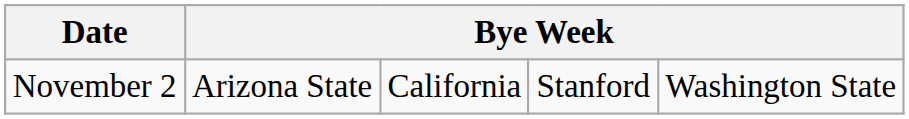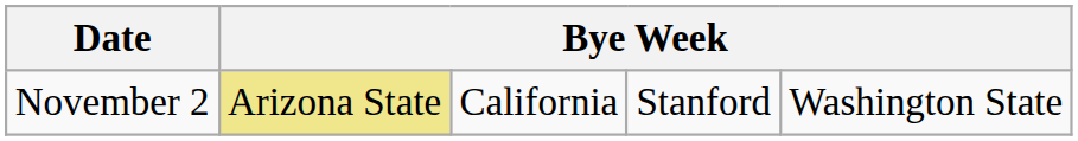 <table class="wikitable" style="font-size:95%;">
 <tr>
 <th>Date</th>
 <th colspan="4">Bye Week</th>
 </tr>
 <tr>
 <td>November 2</td>
-<td>Arizona State</td>
+<td style="background: khaki;">Arizona State</td>
 <td>California</td>
 <td>Stanford</td>
 <td>Washington State</td>
 </tr>
 </table>
